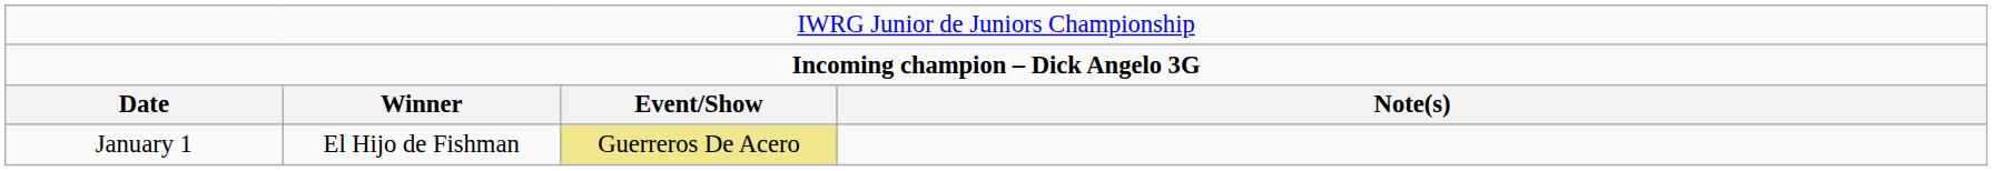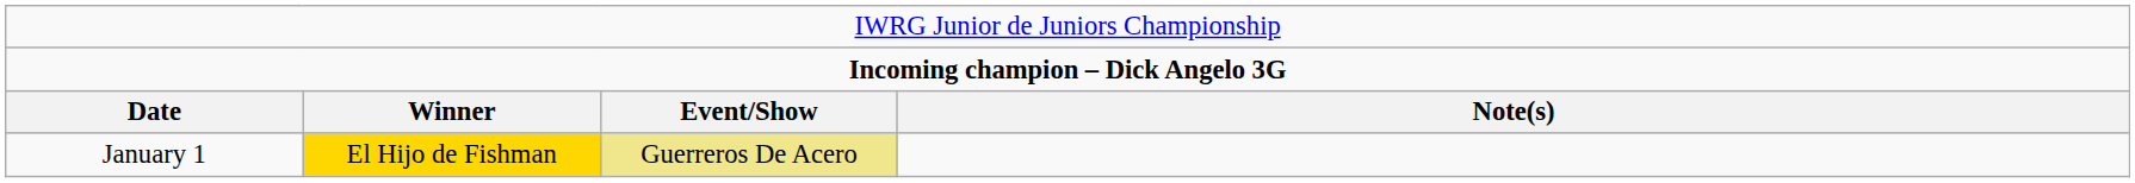 <table class="wikitable" style="text-align:center; width:100%;">
 <tr>
 <td colspan="5" style="text-align: center;"><a href='#'>IWRG Junior de Juniors Championship</a></td>
 </tr>
 <tr>
 <td colspan="5" style="text-align: center;"><strong>Incoming champion – Dick Angelo 3G</strong></td>
 </tr>
 <tr>
 <th width=14%>Date</th>
 <th width=14%>Winner</th>
 <th width=14%>Event/Show</th>
 <th width=58%>Note(s)</th>
 </tr>
 <tr>
 <td>January 1</td>
-<td>El Hijo de Fishman</td>
+<td style="background: gold;">El Hijo de Fishman</td>
 <td style="background: khaki;">Guerreros De Acero</td>
 <td></td>
 </tr>
 </table>
